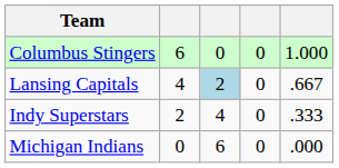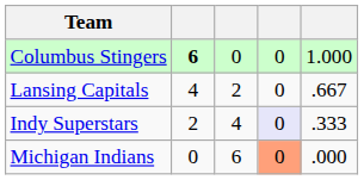 <table class="wikitable" style="font-size:95%; text-align:center">
 <tr>
 <th>Team</th>
 <th width="25"></th>
 <th width="25"></th>
 <th width="25"></th>
 <th width="30"></th>
 </tr>
 <tr style="background:#cfc;">
 <td style="text-align:left;"><a href='#'>Columbus Stingers</a></td>
-<td>6</td>
+<td><strong>6</strong></td>
 <td>0</td>
 <td>0</td>
 <td>1.000</td>
 </tr>
 <tr>
 <td style="text-align:left;"><a href='#'>Lansing Capitals</a></td>
 <td>4</td>
-<td style="background: lightblue;">2</td>
+<td>2</td>
 <td>0</td>
 <td>.667</td>
 </tr>
 <tr>
 <td style="text-align:left;"><a href='#'>Indy Superstars</a></td>
 <td>2</td>
 <td>4</td>
-<td>0</td>
+<td style="background: lavender;">0</td>
 <td>.333</td>
 </tr>
 <tr>
 <td style="text-align:left;"><a href='#'>Michigan Indians</a></td>
 <td>0</td>
 <td>6</td>
-<td>0</td>
+<td style="background: lightsalmon;">0</td>
 <td>.000</td>
 </tr>
 </table>
